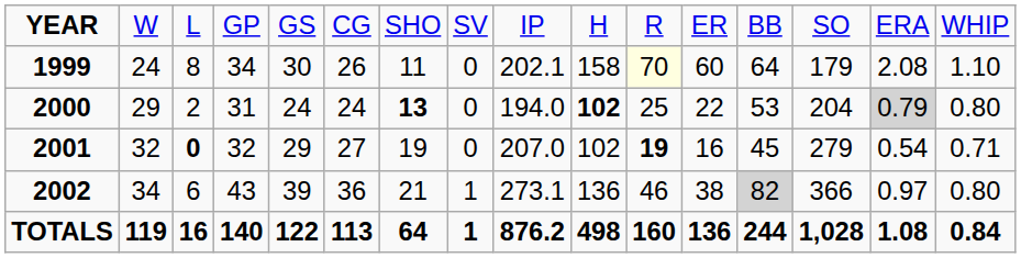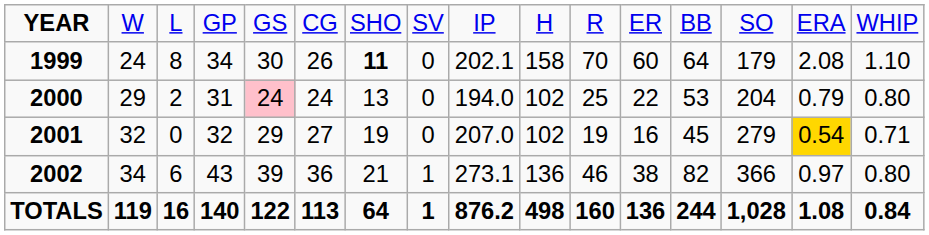 <table class="wikitable" style="text-align:center;">
 <tr>
 <td><strong>YEAR</strong></td>
 <td><a href='#'>W</a></td>
 <td><a href='#'>L</a></td>
 <td><a href='#'>GP</a></td>
 <td><a href='#'>GS</a></td>
 <td><a href='#'>CG</a></td>
 <td><a href='#'>SHO</a></td>
 <td><a href='#'>SV</a></td>
 <td><a href='#'>IP</a></td>
 <td><a href='#'>H</a></td>
 <td><a href='#'>R</a></td>
 <td><a href='#'>ER</a></td>
 <td><a href='#'>BB</a></td>
 <td><a href='#'>SO</a></td>
 <td><a href='#'>ERA</a></td>
 <td><a href='#'>WHIP</a></td>
 </tr>
 <tr>
 <td><strong>1999</strong></td>
 <td>24</td>
 <td>8</td>
 <td>34</td>
 <td>30</td>
 <td>26</td>
-<td>11</td>
+<td><strong>11</strong></td>
 <td>0</td>
 <td>202.1</td>
 <td>158</td>
-<td style="background: lightyellow;">70</td>
+<td>70</td>
 <td>60</td>
 <td>64</td>
 <td>179</td>
 <td>2.08</td>
 <td>1.10</td>
 </tr>
 <tr>
 <td><strong>2000</strong></td>
 <td>29</td>
 <td>2</td>
 <td>31</td>
+<td style="background: pink;">24</td>
 <td>24</td>
-<td>24</td>
-<td><strong>13</strong></td>
+<td>13</td>
 <td>0</td>
 <td>194.0</td>
-<td><strong>102</strong></td>
+<td>102</td>
 <td>25</td>
 <td>22</td>
 <td>53</td>
 <td>204</td>
-<td style="background: lightgrey;">0.79</td>
+<td>0.79</td>
 <td>0.80</td>
 </tr>
 <tr>
 <td><strong>2001</strong></td>
 <td>32</td>
-<td><strong>0</strong></td>
+<td>0</td>
 <td>32</td>
 <td>29</td>
 <td>27</td>
 <td>19</td>
 <td>0</td>
 <td>207.0</td>
 <td>102</td>
-<td><strong>19</strong></td>
+<td>19</td>
 <td>16</td>
 <td>45</td>
 <td>279</td>
-<td>0.54</td>
+<td style="background: gold;">0.54</td>
 <td>0.71</td>
 </tr>
 <tr>
 <td><strong>2002</strong></td>
 <td>34</td>
 <td>6</td>
 <td>43</td>
 <td>39</td>
 <td>36</td>
 <td>21</td>
 <td>1</td>
 <td>273.1</td>
 <td>136</td>
 <td>46</td>
 <td>38</td>
-<td style="background: lightgrey;">82</td>
+<td>82</td>
 <td>366</td>
 <td>0.97</td>
 <td>0.80</td>
 </tr>
 <tr>
 <td><strong>TOTALS</strong></td>
 <td><strong>119</strong></td>
 <td><strong>16</strong></td>
 <td><strong>140</strong></td>
 <td><strong>122</strong></td>
 <td><strong>113</strong></td>
 <td><strong>64</strong></td>
 <td><strong>1</strong></td>
 <td><strong>876.2</strong></td>
 <td><strong>498</strong></td>
 <td><strong>160</strong></td>
 <td><strong>136</strong></td>
 <td><strong>244</strong></td>
 <td><strong>1,028</strong></td>
 <td><strong>1.08</strong></td>
 <td><strong>0.84</strong></td>
 </tr>
 </table>
